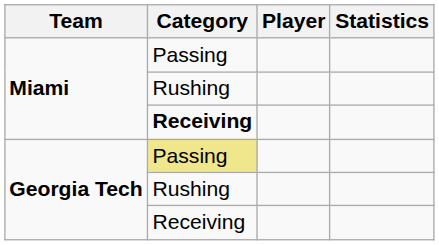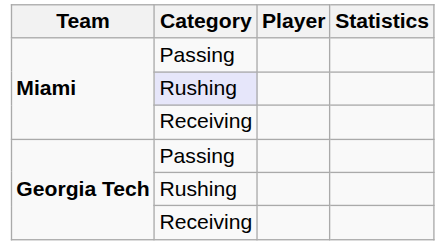 <table class="wikitable" style="float: right;">
 <tr>
 <th>Team</th>
 <th>Category</th>
 <th>Player</th>
 <th>Statistics</th>
 </tr>
 <tr>
 <td rowspan=3><strong>Miami</strong></td>
 <td>Passing</td>
 <td></td>
 <td></td>
 </tr>
 <tr>
-<td>Rushing</td>
+<td style="background: lavender;">Rushing</td>
 <td></td>
 <td></td>
 </tr>
 <tr>
-<td><strong>Receiving</strong></td>
+<td>Receiving</td>
 <td></td>
 <td></td>
 </tr>
 <tr>
 <td rowspan=3><strong>Georgia Tech</strong></td>
-<td style="background: khaki;">Passing</td>
+<td>Passing</td>
 <td></td>
 <td></td>
 </tr>
 <tr>
 <td>Rushing</td>
 <td></td>
 <td></td>
 </tr>
 <tr>
 <td>Receiving</td>
 <td></td>
 <td></td>
 </tr>
 </table>
